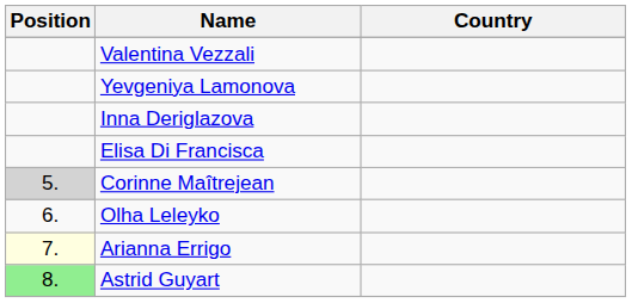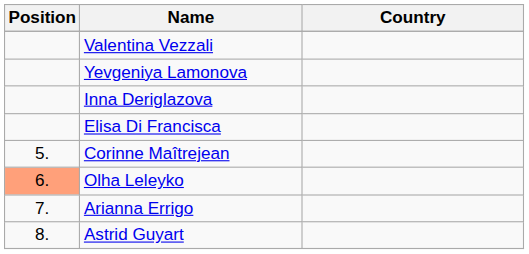 <table class="wikitable">
 <tr>
 <th width="20">Position</th>
 <th width="200">Name</th>
 <th width="200">Country</th>
 </tr>
 <tr>
 </tr>
 <tr>
 <td align="center"></td>
 <td><a href='#'>Valentina Vezzali</a></td>
 <td></td>
 </tr>
 <tr>
 <td align="center"></td>
 <td><a href='#'>Yevgeniya Lamonova</a></td>
 <td></td>
 </tr>
 <tr>
 <td align="center"></td>
 <td><a href='#'>Inna Deriglazova</a></td>
 <td></td>
 </tr>
 <tr>
 <td align="center"></td>
 <td><a href='#'>Elisa Di Francisca</a></td>
 <td></td>
 </tr>
 <tr>
-<td align="center" style="background: lightgrey;">5.</td>
+<td align="center">5.</td>
 <td><a href='#'>Corinne Maîtrejean</a></td>
 <td></td>
 </tr>
 <tr>
-<td align="center">6.</td>
+<td align="center" style="background: lightsalmon;">6.</td>
 <td><a href='#'>Olha Leleyko</a></td>
 <td></td>
 </tr>
 <tr>
-<td align="center" style="background: lightyellow;">7.</td>
+<td align="center">7.</td>
 <td><a href='#'>Arianna Errigo</a></td>
 <td></td>
 </tr>
 <tr>
-<td align="center" style="background: lightgreen;">8.</td>
+<td align="center">8.</td>
 <td><a href='#'>Astrid Guyart</a></td>
 <td></td>
 </tr>
 <tr>
 </tr>
 </table>
